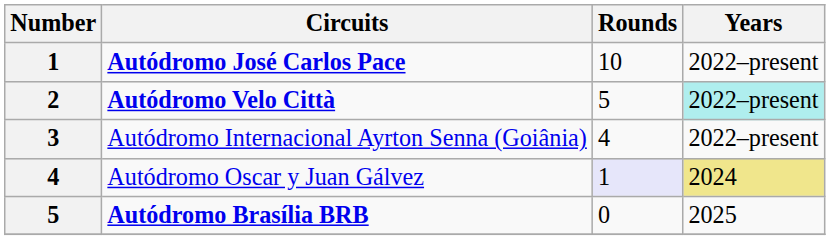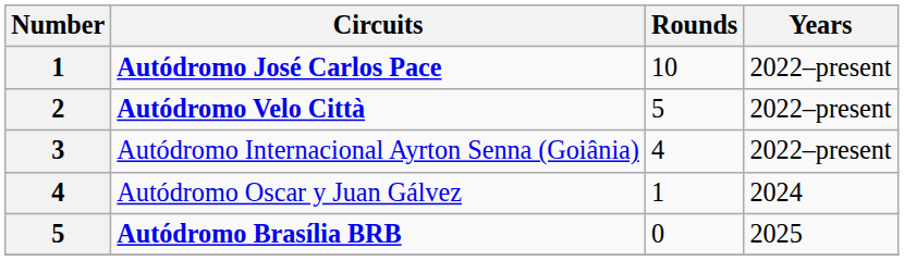 <table class="wikitable" style="text-align=center">
 <tr>
 <th>Number</th>
 <th>Circuits</th>
 <th>Rounds</th>
 <th>Years</th>
 </tr>
 <tr>
 <th>1</th>
 <td> <strong><a href='#'>Autódromo José Carlos Pace</a></strong></td>
 <td>10</td>
 <td>2022–present</td>
 </tr>
 <tr>
 <th>2</th>
 <td> <strong><a href='#'>Autódromo Velo Città</a></strong></td>
 <td>5</td>
-<td style="background: paleturquoise;">2022–present</td>
+<td>2022–present</td>
 </tr>
 <tr>
 <th>3</th>
 <td> <a href='#'>Autódromo Internacional Ayrton Senna (Goiânia)</a></td>
 <td>4</td>
 <td>2022–present</td>
 </tr>
 <tr>
 <th>4</th>
 <td> <a href='#'>Autódromo Oscar y Juan Gálvez</a></td>
-<td style="background: lavender;">1</td>
-<td style="background: khaki;">2024</td>
+<td>1</td>
+<td>2024</td>
 </tr>
 <tr>
 <th>5</th>
 <td> <strong><a href='#'>Autódromo Brasília BRB</a></strong></td>
 <td>0</td>
 <td>2025</td>
 </tr>
 <tr>
 </tr>
 </table>
